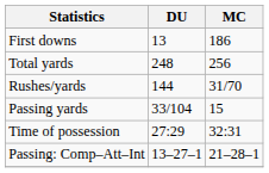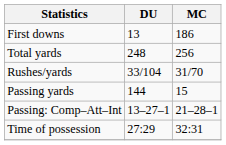 <table class="wikitable" style="float: left;">
 <tr>
 <th>Statistics</th>
 <th>DU</th>
 <th>MC</th>
 </tr>
 <tr>
 <td>First downs</td>
 <td>13</td>
 <td>186</td>
 </tr>
 <tr>
 <td>Total yards</td>
 <td>248</td>
 <td>256</td>
 </tr>
 <tr>
 <td>Rushes/yards</td>
-<td>144</td>
+<td>33/104</td>
 <td>31/70</td>
 </tr>
 <tr>
 <td>Passing yards</td>
-<td>33/104</td>
+<td>144</td>
 <td>15</td>
+</tr>
+<tr>
+<td>Passing: Comp–Att–Int</td>
+<td>13–27–1</td>
+<td>21–28–1</td>
 </tr>
 <tr>
 <td>Time of possession</td>
 <td>27:29</td>
 <td>32:31</td>
 </tr>
 <tr>
-<td>Passing: Comp–Att–Int</td>
-<td>13–27–1</td>
-<td>21–28–1</td>
-</tr>
-<tr>
 </tr>
 </table>
